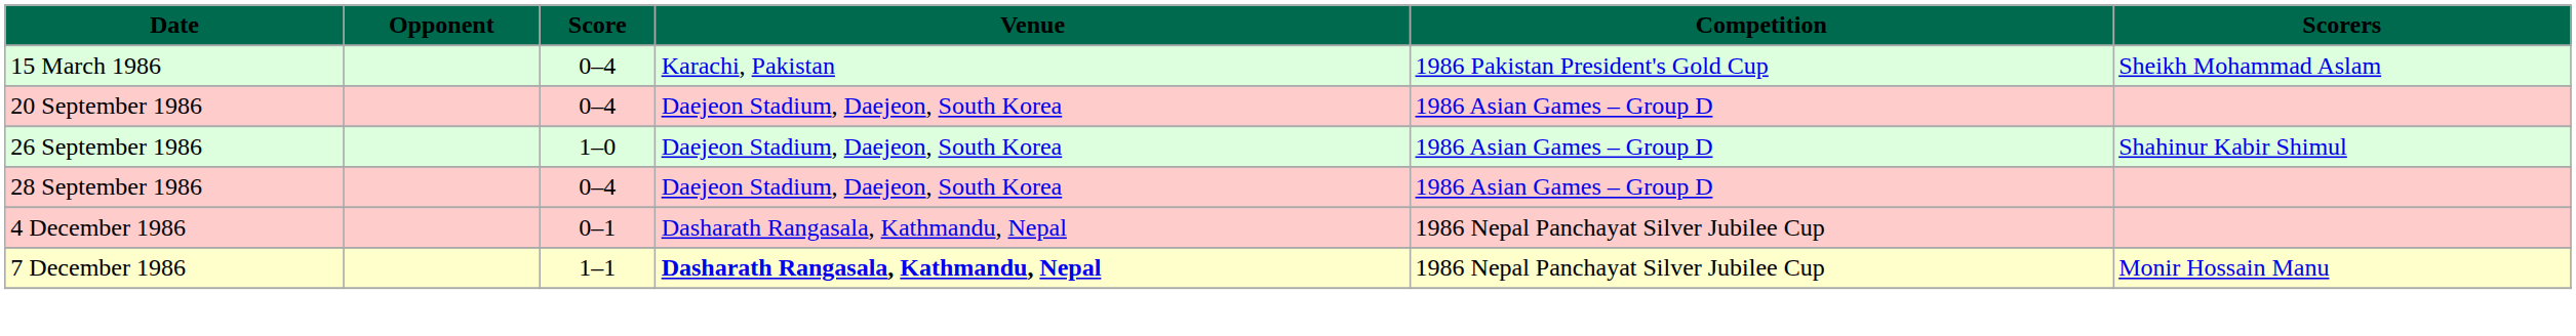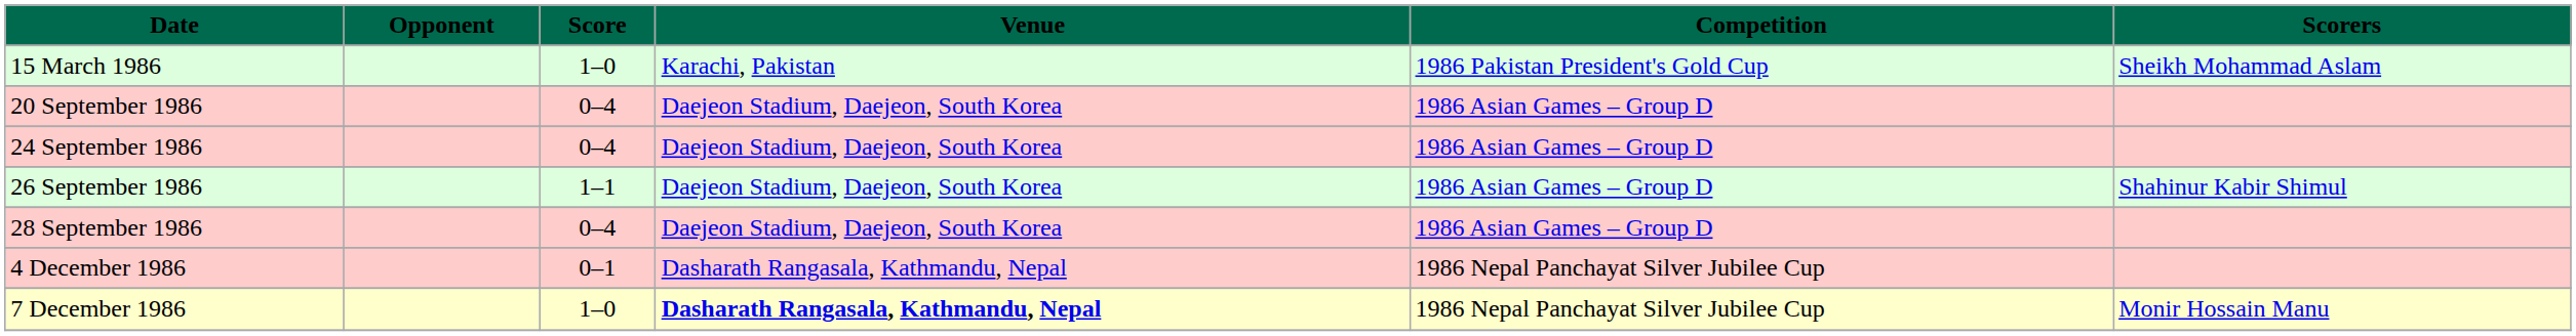 <table class="wikitable" width=100% style="text-align:left;font-size:95%;">
 <tr>
 <th style="background:#006a4e;"><span>Date</span></th>
 <th style="background:#006a4e;"><span>Opponent</span></th>
 <th style="background:#006a4e;"><span>Score</span></th>
 <th style="background:#006a4e;"><span>Venue</span></th>
 <th style="background:#006a4e;"><span>Competition</span></th>
 <th style="background:#006a4e;"><span>Scorers</span></th>
 </tr>
 <tr>
 </tr>
 <tr style="background:#dfd;">
 <td>15 March 1986</td>
 <td></td>
-<td style="text-align: center">0–4</td>
+<td style="text-align: center">1–0</td>
 <td> <a href='#'>Karachi</a>, <a href='#'>Pakistan</a></td>
 <td><a href='#'>1986 Pakistan President's Gold Cup</a></td>
 <td><a href='#'>Sheikh Mohammad Aslam</a> </td>
 </tr>
 <tr>
 </tr>
 <tr style="background:#fcc;">
 <td>20 September 1986</td>
 <td></td>
 <td style="text-align: center">0–4</td>
 <td> <a href='#'>Daejeon Stadium</a>, <a href='#'>Daejeon</a>, <a href='#'>South Korea</a></td>
 <td><a href='#'>1986 Asian Games – Group D</a></td>
 <td></td>
 </tr>
 <tr>
 </tr>
+<tr style="background:#fcc;">
+<td>24 September 1986</td>
+<td></td>
+<td style="text-align: center">0–4</td>
+<td> <a href='#'>Daejeon Stadium</a>, <a href='#'>Daejeon</a>, <a href='#'>South Korea</a></td>
+<td><a href='#'>1986 Asian Games – Group D</a></td>
+<td></td>
+</tr>
 <tr>
 </tr>
 <tr style="background:#dfd;">
 <td>26 September 1986</td>
 <td></td>
-<td style="text-align: center">1–0</td>
+<td style="text-align: center">1–1</td>
 <td> <a href='#'>Daejeon Stadium</a>, <a href='#'>Daejeon</a>, <a href='#'>South Korea</a></td>
 <td><a href='#'>1986 Asian Games – Group D</a></td>
 <td><a href='#'>Shahinur Kabir Shimul</a> </td>
 </tr>
 <tr>
 </tr>
 <tr style="background:#fcc;">
 <td>28 September 1986</td>
 <td></td>
 <td style="text-align: center">0–4</td>
 <td> <a href='#'>Daejeon Stadium</a>, <a href='#'>Daejeon</a>, <a href='#'>South Korea</a></td>
 <td><a href='#'>1986 Asian Games – Group D</a></td>
 <td></td>
 </tr>
 <tr>
 </tr>
 <tr style="background:#fcc;">
 <td>4 December 1986</td>
 <td></td>
 <td style="text-align: center">0–1</td>
 <td> <a href='#'>Dasharath Rangasala</a>, <a href='#'>Kathmandu</a>, <a href='#'>Nepal</a></td>
 <td>1986 Nepal Panchayat Silver Jubilee Cup</td>
 <td></td>
 </tr>
 <tr>
 </tr>
 <tr style="background:#ffc;">
 <td>7 December 1986</td>
 <td></td>
-<td style="text-align: center">1–1</td>
+<td style="text-align: center">1–0</td>
 <td><strong> <a href='#'>Dasharath Rangasala</a>, <a href='#'>Kathmandu</a>, <a href='#'>Nepal</a></strong></td>
 <td>1986 Nepal Panchayat Silver Jubilee Cup</td>
 <td><a href='#'>Monir Hossain Manu</a> </td>
 </tr>
 <tr>
 </tr>
 </table>
